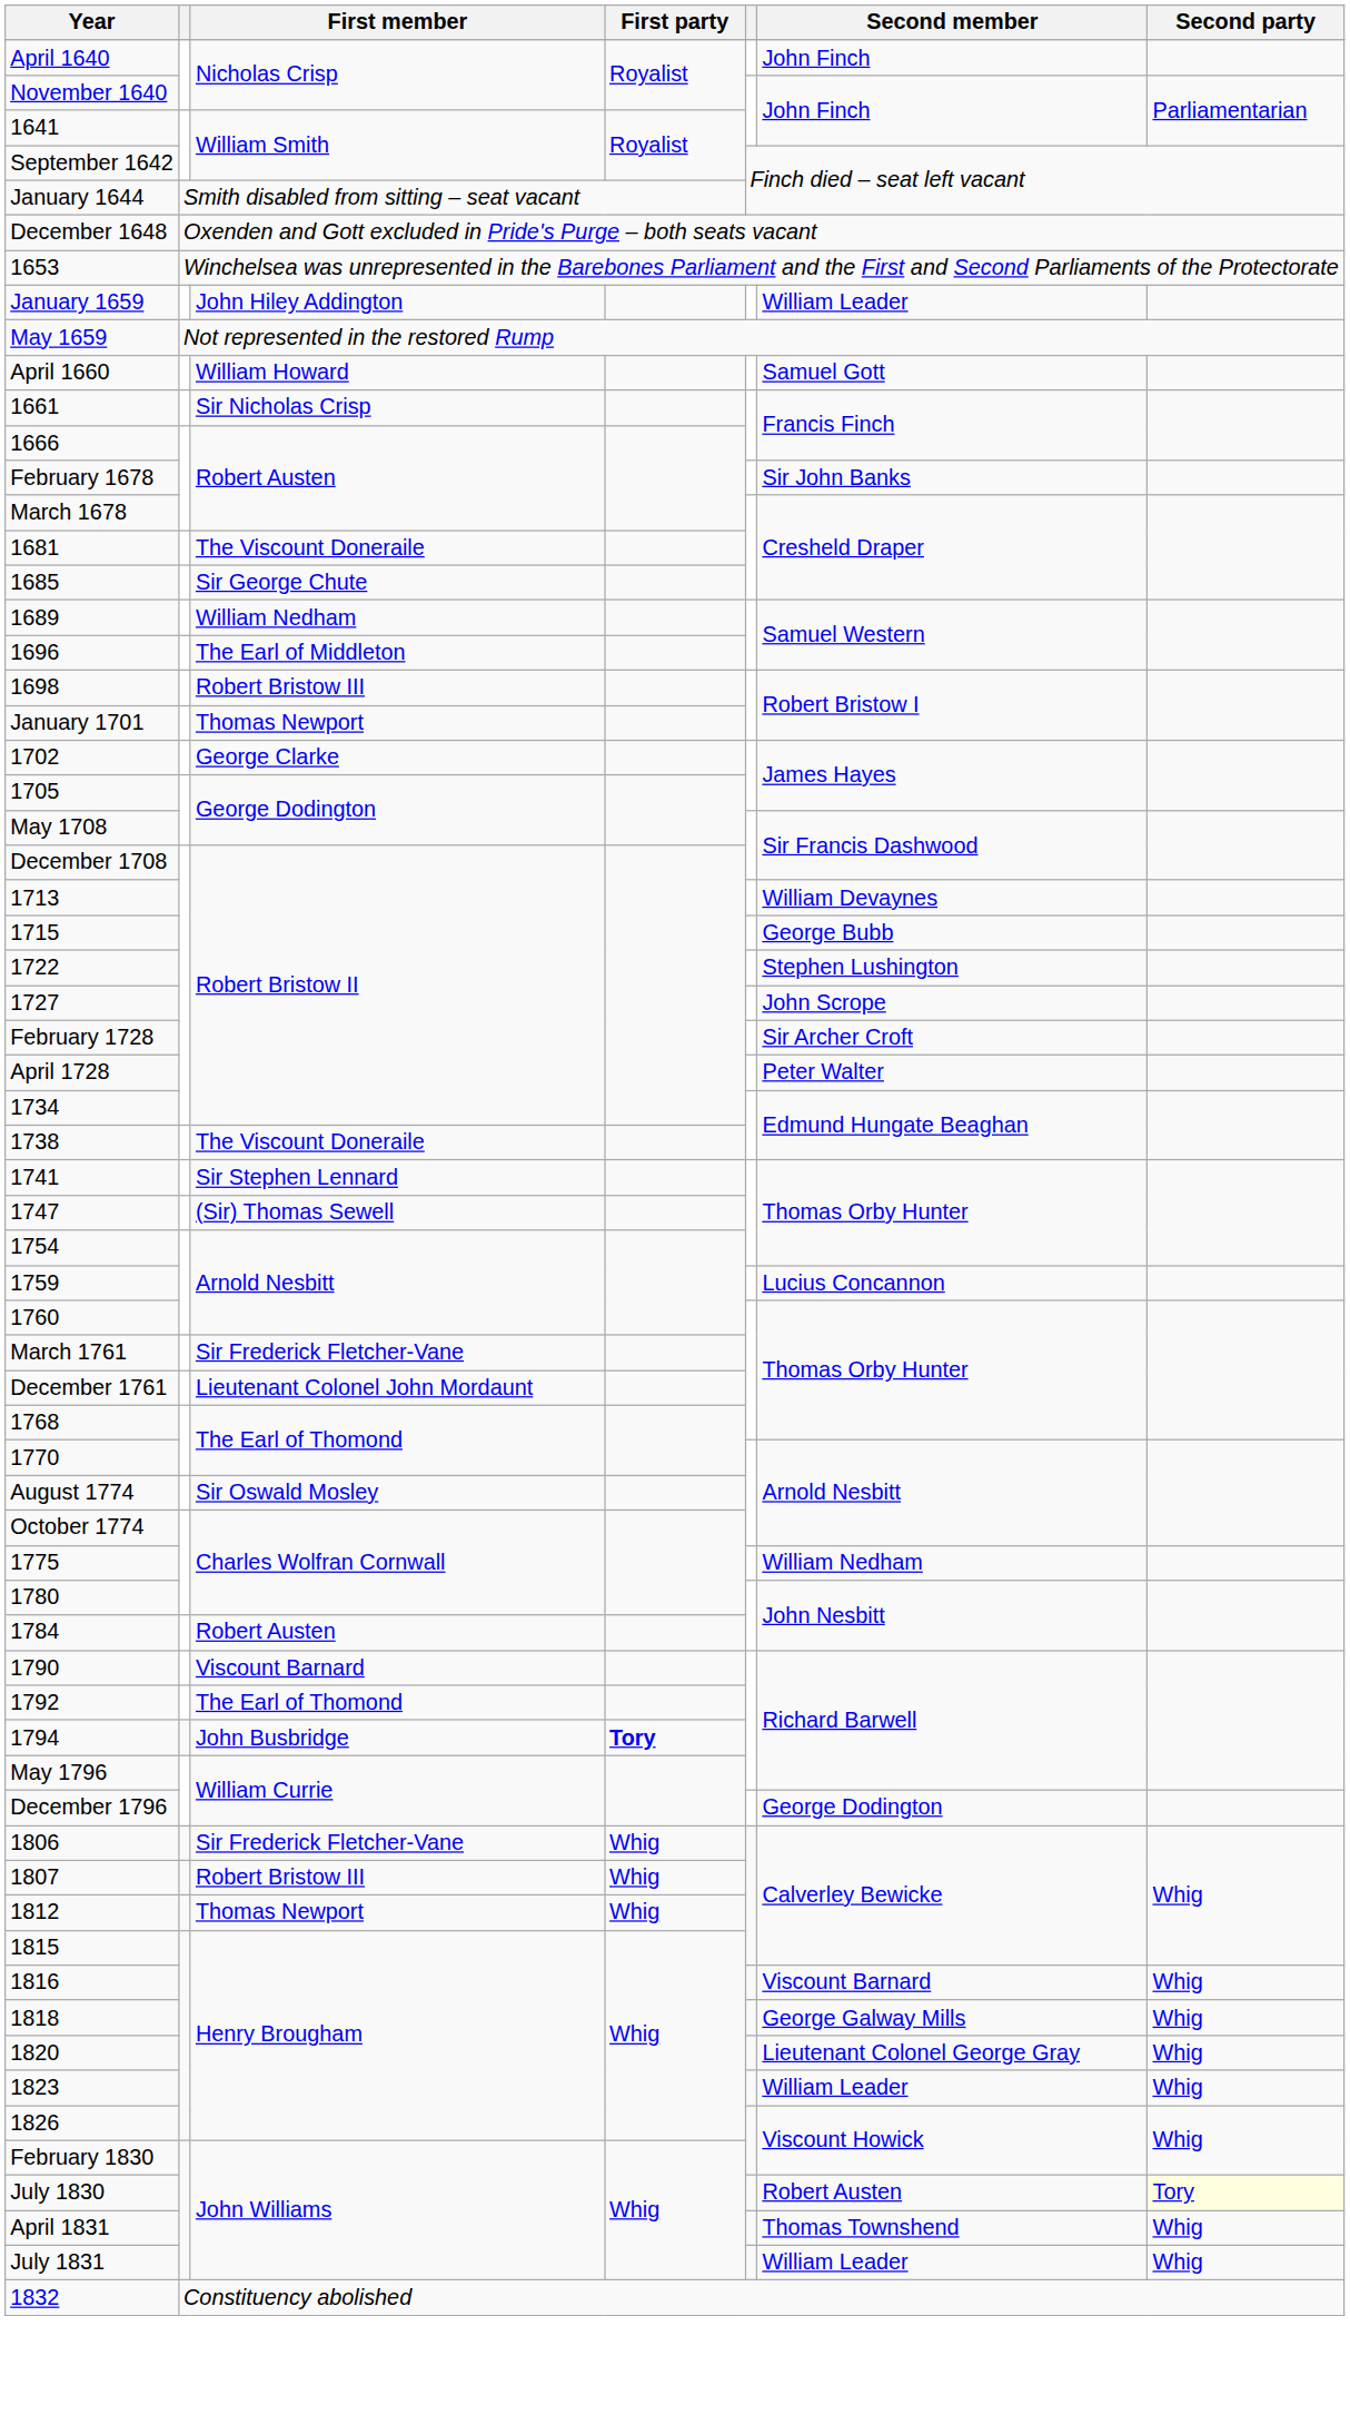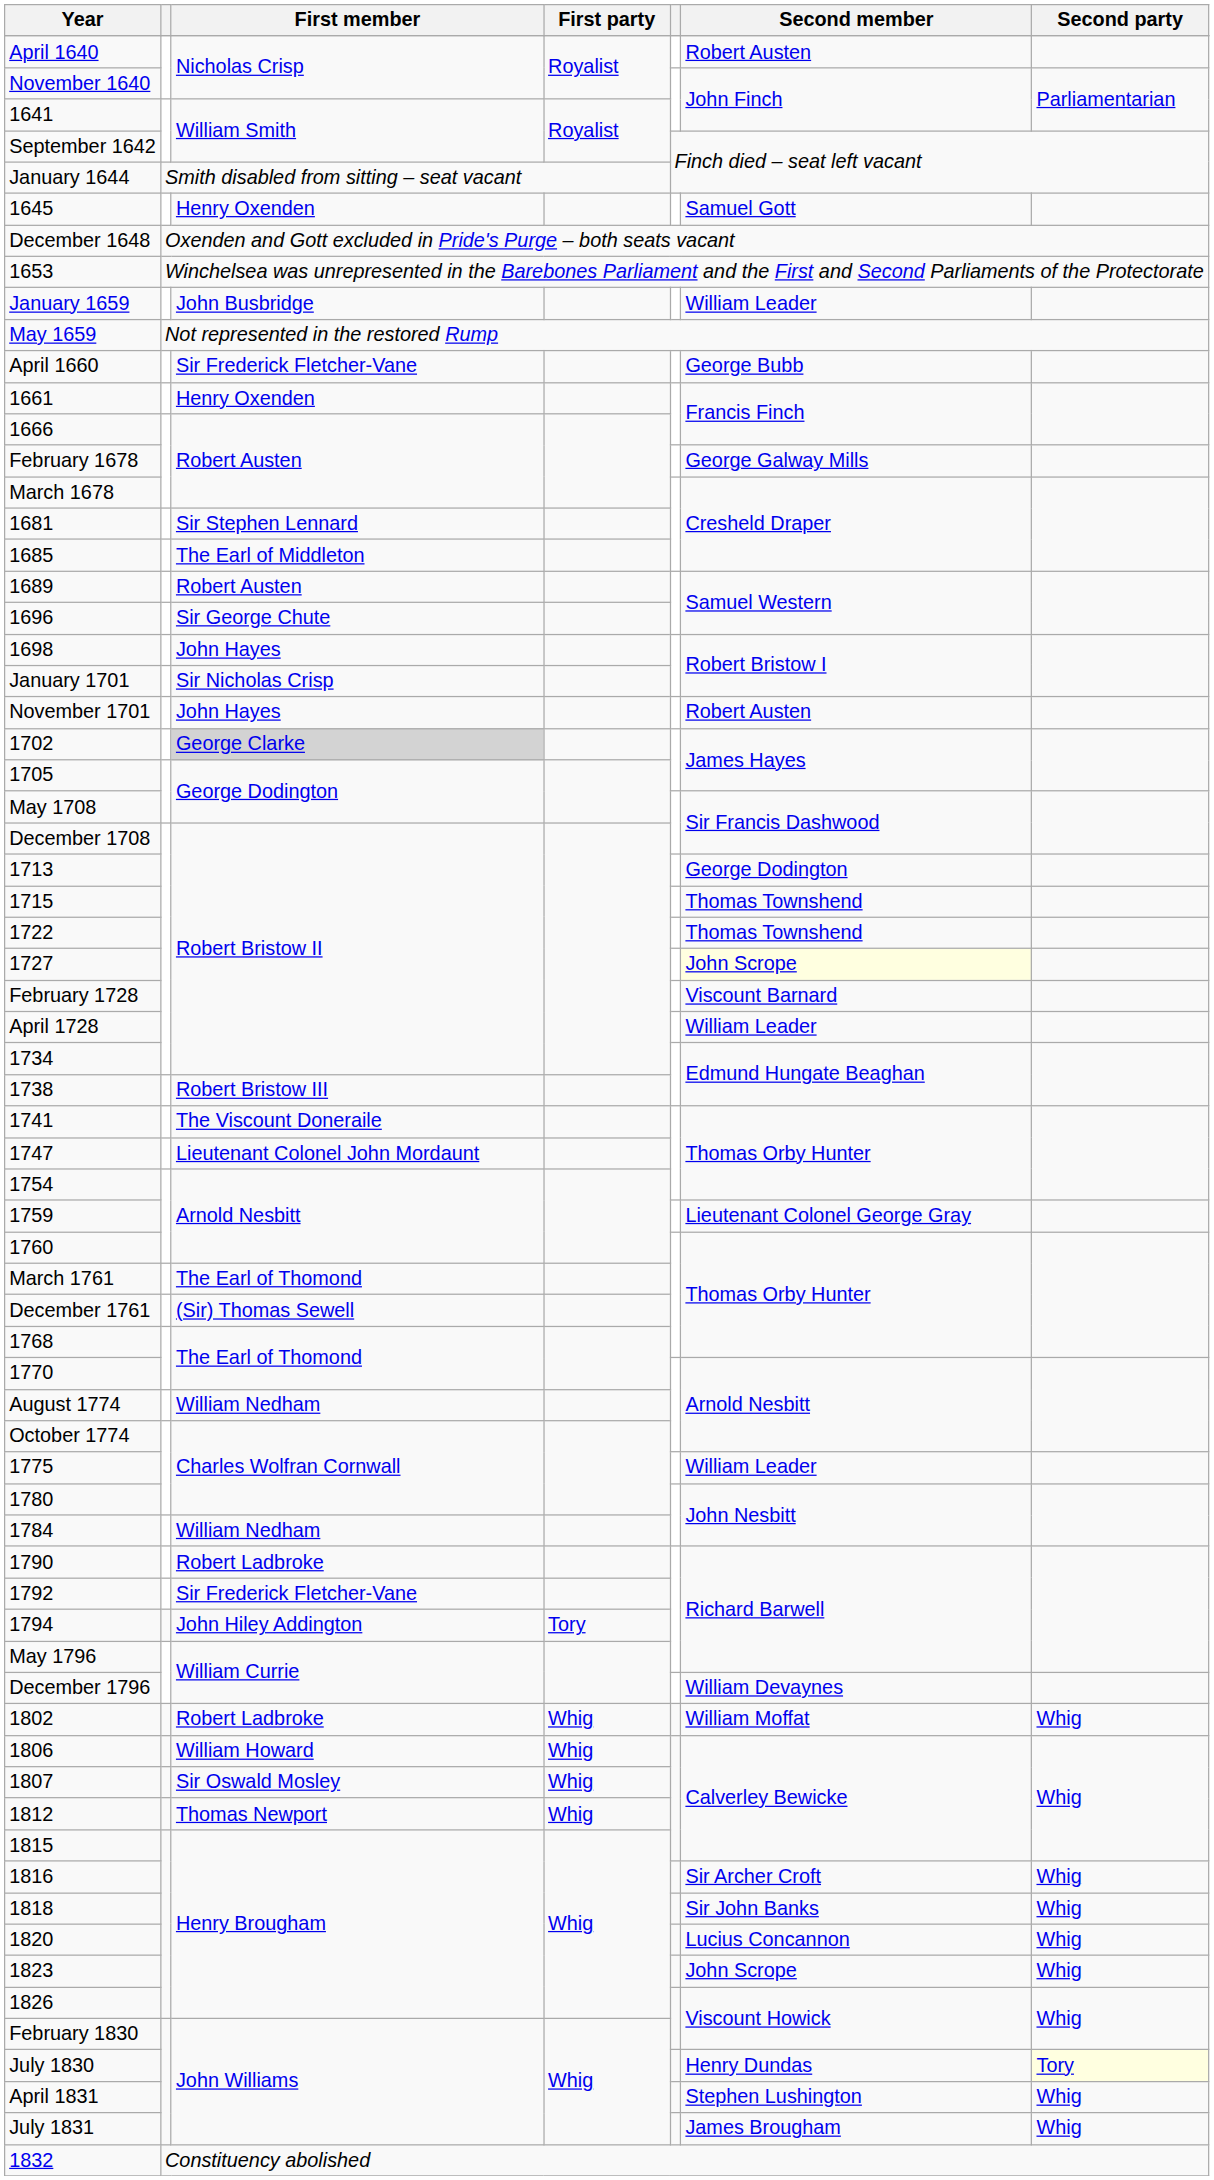 <table class="wikitable">
 <tr>
 <th>Year</th>
 <th></th>
 <th>First member</th>
 <th>First party</th>
 <th></th>
 <th>Second member</th>
 <th>Second party</th>
 </tr>
 <tr>
 </tr>
 <tr>
 <td><a href='#'>April 1640</a></td>
 <td rowspan="2" style="color:inherit;background-color: white"></td>
 <td rowspan="2"><a href='#'>Nicholas Crisp</a></td>
 <td rowspan="2"><a href='#'>Royalist</a></td>
 <td style="color:inherit;background-color: white"></td>
-<td><a href='#'>John Finch</a></td>
+<td><a href='#'>Robert Austen</a></td>
 <td></td>
 </tr>
 <tr>
 <td><a href='#'>November 1640</a></td>
 <td rowspan="2" style="color:inherit;background-color: white"></td>
 <td rowspan="2"><a href='#'>John Finch</a></td>
 <td rowspan="2"><a href='#'>Parliamentarian</a></td>
 </tr>
 <tr>
 <td>1641</td>
 <td rowspan="2" style="color:inherit;background-color: white"></td>
 <td rowspan="2"><a href='#'>William Smith</a></td>
 <td rowspan="2"><a href='#'>Royalist</a></td>
 </tr>
 <tr>
 <td>September 1642</td>
 <td rowspan="2" colspan="3"><em>Finch died – seat left vacant</em></td>
 </tr>
 <tr>
 <td>January 1644</td>
 <td colspan="3"><em>Smith disabled from sitting – seat vacant</em></td>
 </tr>
 <tr>
+<td>1645</td>
+<td style="color:inherit;background-color: white"></td>
+<td><a href='#'>Henry Oxenden</a></td>
+<td></td>
+<td style="color:inherit;background-color: white"></td>
+<td><a href='#'>Samuel Gott</a></td>
+<td></td>
+</tr>
+<tr>
 <td>December 1648</td>
 <td colspan="6"><em>Oxenden and Gott excluded in <a href='#'>Pride's Purge</a> – both seats vacant</em></td>
 </tr>
 <tr>
 <td>1653</td>
 <td colspan="6"><em>Winchelsea was unrepresented in the <a href='#'>Barebones Parliament</a> and the <a href='#'>First</a> and <a href='#'>Second</a> Parliaments of the Protectorate</em></td>
 </tr>
 <tr>
 <td><a href='#'>January 1659</a></td>
 <td style="color:inherit;background-color: white"></td>
-<td><a href='#'>John Hiley Addington</a></td>
+<td><a href='#'>John Busbridge</a></td>
 <td></td>
 <td style="color:inherit;background-color: white"></td>
 <td><a href='#'>William Leader</a></td>
 <td></td>
 </tr>
 <tr>
 <td><a href='#'>May 1659</a></td>
 <td colspan="6"><em>Not represented in the restored <a href='#'>Rump</a></em></td>
 </tr>
 <tr>
 <td>April 1660</td>
 <td style="color:inherit;background-color: white"></td>
-<td><a href='#'>William Howard</a></td>
+<td><a href='#'>Sir Frederick Fletcher-Vane</a></td>
 <td></td>
 <td style="color:inherit;background-color: white"></td>
-<td><a href='#'>Samuel Gott</a></td>
+<td><a href='#'>George Bubb</a></td>
 <td></td>
 </tr>
 <tr>
 <td>1661</td>
 <td style="color:inherit;background-color: white"></td>
-<td><a href='#'>Sir Nicholas Crisp</a></td>
+<td><a href='#'>Henry Oxenden</a></td>
 <td></td>
 <td rowspan="2" style="color:inherit;background-color: white"></td>
 <td rowspan="2"><a href='#'>Francis Finch</a></td>
 <td rowspan="2"></td>
 </tr>
 <tr>
 <td>1666</td>
 <td rowspan="3" style="color:inherit;background-color: white"></td>
 <td rowspan="3"><a href='#'>Robert Austen</a></td>
 <td rowspan="3"></td>
 </tr>
 <tr>
 <td>February 1678</td>
 <td style="color:inherit;background-color: white"></td>
-<td><a href='#'>Sir John Banks</a></td>
+<td><a href='#'>George Galway Mills</a></td>
 <td></td>
 </tr>
 <tr>
 <td>March 1678</td>
 <td rowspan="3" style="color:inherit;background-color: white"></td>
 <td rowspan="3"><a href='#'>Cresheld Draper</a></td>
 <td rowspan="3"></td>
 </tr>
 <tr>
 <td>1681</td>
 <td style="color:inherit;background-color: white"></td>
-<td><a href='#'>The Viscount Doneraile</a></td>
+<td><a href='#'>Sir Stephen Lennard</a></td>
 <td></td>
 </tr>
 <tr>
 <td>1685</td>
 <td style="color:inherit;background-color: white"></td>
-<td><a href='#'>Sir George Chute</a></td>
+<td><a href='#'>The Earl of Middleton</a></td>
 <td></td>
 </tr>
 <tr>
 <td>1689</td>
 <td style="color:inherit;background-color: white"></td>
-<td><a href='#'>William Nedham</a></td>
+<td><a href='#'>Robert Austen</a></td>
 <td></td>
 <td rowspan="2" style="color:inherit;background-color: white"></td>
 <td rowspan="2"><a href='#'>Samuel Western</a></td>
 <td rowspan="2"></td>
 </tr>
 <tr>
 <td>1696</td>
 <td style="color:inherit;background-color: white"></td>
-<td><a href='#'>The Earl of Middleton</a></td>
+<td><a href='#'>Sir George Chute</a></td>
 <td></td>
 </tr>
 <tr>
 <td>1698</td>
 <td style="color:inherit;background-color: white"></td>
-<td><a href='#'>Robert Bristow III</a></td>
+<td><a href='#'>John Hayes</a></td>
 <td></td>
 <td rowspan="2" style="color:inherit;background-color: white"></td>
 <td rowspan="2"><a href='#'>Robert Bristow I</a></td>
 <td rowspan="2"></td>
 </tr>
 <tr>
 <td>January 1701</td>
 <td style="color:inherit;background-color: white"></td>
-<td><a href='#'>Thomas Newport</a></td>
+<td><a href='#'>Sir Nicholas Crisp</a></td>
+<td></td>
+</tr>
+<tr>
+<td>November 1701</td>
+<td style="color:inherit;background-color: white"></td>
+<td><a href='#'>John Hayes</a></td>
+<td></td>
+<td style="color:inherit;background-color: white"></td>
+<td><a href='#'>Robert Austen</a></td>
 <td></td>
 </tr>
 <tr>
 <td>1702</td>
 <td style="color:inherit;background-color: white"></td>
-<td><a href='#'>George Clarke</a></td>
+<td style="background: lightgrey;"><a href='#'>George Clarke</a></td>
 <td></td>
 <td rowspan="2" style="color:inherit;background-color: white"></td>
 <td rowspan="2"><a href='#'>James Hayes</a></td>
 <td rowspan="2"></td>
 </tr>
 <tr>
 <td>1705</td>
 <td rowspan="2" style="color:inherit;background-color: white"></td>
 <td rowspan="2"><a href='#'>George Dodington</a></td>
 <td rowspan="2"></td>
 </tr>
 <tr>
 <td>May 1708</td>
 <td rowspan="2" style="color:inherit;background-color: white"></td>
 <td rowspan="2"><a href='#'>Sir Francis Dashwood</a></td>
 <td rowspan="2"></td>
 </tr>
 <tr>
 <td>December 1708</td>
 <td rowspan="8" style="color:inherit;background-color: white"></td>
 <td rowspan="8"><a href='#'>Robert Bristow II</a></td>
 <td rowspan="8"></td>
 </tr>
 <tr>
 <td>1713</td>
 <td style="color:inherit;background-color: white"></td>
-<td><a href='#'>William Devaynes</a></td>
+<td><a href='#'>George Dodington</a></td>
 <td></td>
 </tr>
 <tr>
 <td>1715</td>
 <td style="color:inherit;background-color: white"></td>
-<td><a href='#'>George Bubb</a></td>
+<td><a href='#'>Thomas Townshend</a></td>
 <td></td>
 </tr>
 <tr>
 <td>1722</td>
 <td style="color:inherit;background-color: white"></td>
-<td><a href='#'>Stephen Lushington</a></td>
+<td><a href='#'>Thomas Townshend</a></td>
 <td></td>
 </tr>
 <tr>
 <td>1727</td>
 <td style="color:inherit;background-color: white"></td>
-<td><a href='#'>John Scrope</a></td>
+<td style="background: lightyellow;"><a href='#'>John Scrope</a></td>
 <td></td>
 </tr>
 <tr>
 <td>February 1728</td>
 <td style="color:inherit;background-color: white"></td>
-<td><a href='#'>Sir Archer Croft</a></td>
+<td><a href='#'>Viscount Barnard</a></td>
 <td></td>
 </tr>
 <tr>
 <td>April 1728</td>
 <td style="color:inherit;background-color: white"></td>
-<td><a href='#'>Peter Walter</a></td>
+<td><a href='#'>William Leader</a></td>
 <td></td>
 </tr>
 <tr>
 <td>1734</td>
 <td rowspan="2" style="color:inherit;background-color: white"></td>
 <td rowspan="2"><a href='#'>Edmund Hungate Beaghan</a></td>
 <td rowspan="2"></td>
 </tr>
 <tr>
 <td>1738</td>
 <td style="color:inherit;background-color: white"></td>
-<td><a href='#'>The Viscount Doneraile</a></td>
+<td><a href='#'>Robert Bristow III</a></td>
 <td></td>
 </tr>
 <tr>
 <td>1741</td>
 <td style="color:inherit;background-color: white"></td>
-<td><a href='#'>Sir Stephen Lennard</a></td>
+<td><a href='#'>The Viscount Doneraile</a></td>
 <td></td>
 <td rowspan="3" style="color:inherit;background-color: white"></td>
 <td rowspan="3"><a href='#'>Thomas Orby Hunter</a></td>
 <td rowspan="3"></td>
 </tr>
 <tr>
 <td>1747</td>
 <td style="color:inherit;background-color: white"></td>
-<td><a href='#'>(Sir) Thomas Sewell</a></td>
+<td><a href='#'>Lieutenant Colonel John Mordaunt</a></td>
 <td></td>
 </tr>
 <tr>
 <td>1754</td>
 <td rowspan="3" style="color:inherit;background-color: white"></td>
 <td rowspan="3"><a href='#'>Arnold Nesbitt</a></td>
 <td rowspan="3"></td>
 </tr>
 <tr>
 <td>1759</td>
 <td style="color:inherit;background-color: white"></td>
-<td><a href='#'>Lucius Concannon</a></td>
+<td><a href='#'>Lieutenant Colonel George Gray</a></td>
 <td></td>
 </tr>
 <tr>
 <td>1760</td>
 <td rowspan="4" style="color:inherit;background-color: white"></td>
 <td rowspan="4"><a href='#'>Thomas Orby Hunter</a></td>
 <td rowspan="4"></td>
 </tr>
 <tr>
 <td>March 1761</td>
 <td style="color:inherit;background-color: white"></td>
-<td><a href='#'>Sir Frederick Fletcher-Vane</a></td>
+<td><a href='#'>The Earl of Thomond</a></td>
 <td></td>
 </tr>
 <tr>
 <td>December 1761</td>
 <td style="color:inherit;background-color: white"></td>
-<td><a href='#'>Lieutenant Colonel John Mordaunt</a></td>
+<td><a href='#'>(Sir) Thomas Sewell</a></td>
 <td></td>
 </tr>
 <tr>
 <td>1768</td>
 <td rowspan="2"  style="color:inherit;background-color: white"></td>
 <td rowspan="2"><a href='#'>The Earl of Thomond</a></td>
 <td rowspan="2"></td>
 </tr>
 <tr>
 <td>1770</td>
 <td rowspan="3" style="color:inherit;background-color: white"></td>
 <td rowspan="3"><a href='#'>Arnold Nesbitt</a></td>
 <td rowspan="3"></td>
 </tr>
 <tr>
 <td>August 1774</td>
 <td style="color:inherit;background-color: white"></td>
-<td><a href='#'>Sir Oswald Mosley</a></td>
+<td><a href='#'>William Nedham</a></td>
 <td></td>
 </tr>
 <tr>
 <td>October 1774</td>
 <td rowspan="3" style="color:inherit;background-color: white"></td>
 <td rowspan="3"><a href='#'>Charles Wolfran Cornwall</a></td>
 <td rowspan="3"></td>
 </tr>
 <tr>
 <td>1775</td>
 <td style="color:inherit;background-color: white"></td>
-<td><a href='#'>William Nedham</a></td>
+<td><a href='#'>William Leader</a></td>
 <td></td>
 </tr>
 <tr>
 <td>1780</td>
 <td rowspan="2" style="color:inherit;background-color: white"></td>
 <td rowspan="2"><a href='#'>John Nesbitt</a></td>
 <td rowspan="2"></td>
 </tr>
 <tr>
 <td>1784</td>
 <td style="color:inherit;background-color: white"></td>
-<td><a href='#'>Robert Austen</a></td>
+<td><a href='#'>William Nedham</a></td>
 <td></td>
 </tr>
 <tr>
 <td>1790</td>
 <td style="color:inherit;background-color: white"></td>
-<td><a href='#'>Viscount Barnard</a></td>
+<td><a href='#'>Robert Ladbroke</a></td>
 <td></td>
 <td rowspan="4" style="color:inherit;background-color: white"></td>
 <td rowspan="4"><a href='#'>Richard Barwell</a></td>
 <td rowspan="4"></td>
 </tr>
 <tr>
 <td>1792</td>
 <td style="color:inherit;background-color: white"></td>
-<td><a href='#'>The Earl of Thomond</a></td>
+<td><a href='#'>Sir Frederick Fletcher-Vane</a></td>
 <td></td>
 </tr>
 <tr>
 <td>1794</td>
 <td style="color:inherit;background-color: "></td>
-<td><a href='#'>John Busbridge</a></td>
-<td><strong><a href='#'>Tory</a></strong></td>
+<td><a href='#'>John Hiley Addington</a></td>
+<td><a href='#'>Tory</a></td>
 </tr>
 <tr>
 <td>May 1796</td>
 <td rowspan="2" style="color:inherit;background-color: white"></td>
 <td rowspan="2"><a href='#'>William Currie</a></td>
 <td rowspan="2"></td>
 </tr>
 <tr>
 <td>December 1796</td>
 <td style="color:inherit;background-color: white"></td>
-<td><a href='#'>George Dodington</a></td>
+<td><a href='#'>William Devaynes</a></td>
 <td></td>
+</tr>
+<tr>
+<td>1802</td>
+<td style="color:inherit;background-color: "></td>
+<td><a href='#'>Robert Ladbroke</a></td>
+<td><a href='#'>Whig</a></td>
+<td style="color:inherit;background-color: "></td>
+<td><a href='#'>William Moffat</a></td>
+<td><a href='#'>Whig</a></td>
 </tr>
 <tr>
 <td>1806</td>
 <td style="color:inherit;background-color: "></td>
-<td><a href='#'>Sir Frederick Fletcher-Vane</a></td>
+<td><a href='#'>William Howard</a></td>
 <td><a href='#'>Whig</a></td>
 <td rowspan="4" style="color:inherit;background-color: "></td>
 <td rowspan="4"><a href='#'>Calverley Bewicke</a></td>
 <td rowspan="4"><a href='#'>Whig</a></td>
 </tr>
 <tr>
 <td>1807</td>
 <td style="color:inherit;background-color: "></td>
-<td><a href='#'>Robert Bristow III</a></td>
+<td><a href='#'>Sir Oswald Mosley</a></td>
 <td><a href='#'>Whig</a></td>
 </tr>
 <tr>
 <td>1812</td>
 <td style="color:inherit;background-color: "></td>
 <td><a href='#'>Thomas Newport</a></td>
 <td><a href='#'>Whig</a></td>
 </tr>
 <tr>
 <td>1815</td>
 <td rowspan="6" style="color:inherit;background-color: "></td>
 <td rowspan="6"><a href='#'>Henry Brougham</a></td>
 <td rowspan="6"><a href='#'>Whig</a></td>
 </tr>
 <tr>
 <td>1816</td>
 <td style="color:inherit;background-color: "></td>
-<td><a href='#'>Viscount Barnard</a></td>
+<td><a href='#'>Sir Archer Croft</a></td>
 <td><a href='#'>Whig</a></td>
 </tr>
 <tr>
 <td>1818</td>
 <td style="color:inherit;background-color: "></td>
-<td><a href='#'>George Galway Mills</a></td>
+<td><a href='#'>Sir John Banks</a></td>
 <td><a href='#'>Whig</a></td>
 </tr>
 <tr>
 <td>1820</td>
 <td style="color:inherit;background-color: "></td>
-<td><a href='#'>Lieutenant Colonel George Gray</a></td>
+<td><a href='#'>Lucius Concannon</a></td>
 <td><a href='#'>Whig</a></td>
 </tr>
 <tr>
 <td>1823</td>
 <td style="color:inherit;background-color: "></td>
-<td><a href='#'>William Leader</a></td>
+<td><a href='#'>John Scrope</a></td>
 <td><a href='#'>Whig</a></td>
 </tr>
 <tr>
 <td>1826</td>
 <td rowspan="2" style="color:inherit;background-color: "></td>
 <td rowspan="2"><a href='#'>Viscount Howick</a></td>
 <td rowspan="2"><a href='#'>Whig</a></td>
 </tr>
 <tr>
 <td>February 1830</td>
 <td rowspan="4" style="color:inherit;background-color: "></td>
 <td rowspan="4"><a href='#'>John Williams</a></td>
 <td rowspan="4"><a href='#'>Whig</a></td>
 </tr>
 <tr>
 <td>July 1830</td>
 <td style="color:inherit;background-color: "></td>
-<td><a href='#'>Robert Austen</a></td>
+<td><a href='#'>Henry Dundas</a></td>
 <td style="background: lightyellow;"><a href='#'>Tory</a></td>
 </tr>
 <tr>
 <td>April 1831</td>
 <td style="color:inherit;background-color: "></td>
-<td><a href='#'>Thomas Townshend</a></td>
+<td><a href='#'>Stephen Lushington</a></td>
 <td><a href='#'>Whig</a></td>
 </tr>
 <tr>
 <td>July 1831</td>
 <td style="color:inherit;background-color: "></td>
-<td><a href='#'>William Leader</a></td>
+<td><a href='#'>James Brougham</a></td>
 <td><a href='#'>Whig</a></td>
 </tr>
 <tr>
 <td><a href='#'>1832</a></td>
 <td colspan="6"><em>Constituency abolished</em></td>
 </tr>
 </table>
